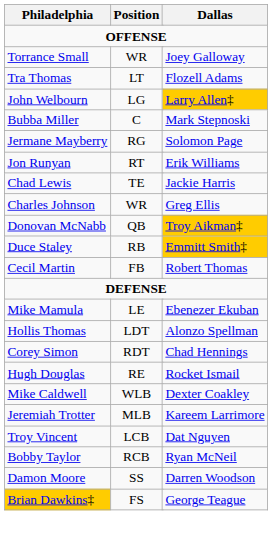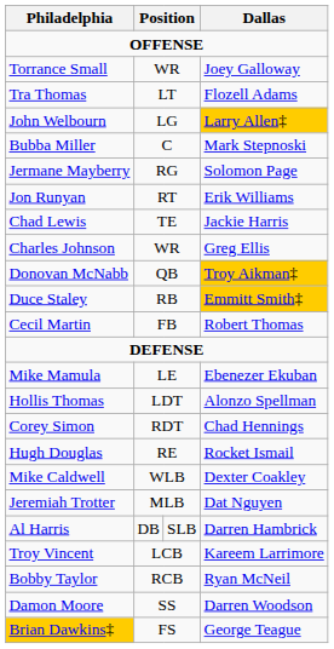 <table class="wikitable">
 <tr>
 <th>Philadelphia</th>
 <th colspan="2">Position</th>
 <th>Dallas</th>
 </tr>
 <tr>
 <td colspan="4" style="text-align:center;"><strong>OFFENSE</strong></td>
 </tr>
 <tr>
 <td><a href='#'>Torrance Small</a></td>
 <td colspan="2" style="text-align:center;">WR</td>
 <td><a href='#'>Joey Galloway</a></td>
 </tr>
 <tr>
 <td><a href='#'>Tra Thomas</a></td>
 <td colspan="2" style="text-align:center;">LT</td>
 <td><a href='#'>Flozell Adams</a></td>
 </tr>
 <tr>
 <td><a href='#'>John Welbourn</a></td>
 <td colspan="2" style="text-align:center;">LG</td>
 <td bgcolor="#FFCC00"><a href='#'>Larry Allen</a>‡</td>
 </tr>
 <tr>
 <td><a href='#'>Bubba Miller</a></td>
 <td colspan="2" style="text-align:center;">C</td>
 <td><a href='#'>Mark Stepnoski</a></td>
 </tr>
 <tr>
 <td><a href='#'>Jermane Mayberry</a></td>
 <td colspan="2" style="text-align:center;">RG</td>
 <td><a href='#'>Solomon Page</a></td>
 </tr>
 <tr>
 <td><a href='#'>Jon Runyan</a></td>
 <td colspan="2" style="text-align:center;">RT</td>
 <td><a href='#'>Erik Williams</a></td>
 </tr>
 <tr>
 <td><a href='#'>Chad Lewis</a></td>
 <td colspan="2" style="text-align:center;">TE</td>
 <td><a href='#'>Jackie Harris</a></td>
 </tr>
 <tr>
 <td><a href='#'>Charles Johnson</a></td>
 <td colspan="2" style="text-align:center;">WR</td>
 <td><a href='#'>Greg Ellis</a></td>
 </tr>
 <tr>
 <td><a href='#'>Donovan McNabb</a></td>
 <td colspan="2" style="text-align:center;">QB</td>
 <td bgcolor="#FFCC00"><a href='#'>Troy Aikman</a>‡</td>
 </tr>
 <tr>
 <td><a href='#'>Duce Staley</a></td>
 <td colspan="2" style="text-align:center;">RB</td>
 <td bgcolor="#FFCC00"><a href='#'>Emmitt Smith</a>‡</td>
 </tr>
 <tr>
 <td><a href='#'>Cecil Martin</a></td>
 <td colspan="2" style="text-align:center;">FB</td>
 <td><a href='#'>Robert Thomas</a></td>
 </tr>
 <tr>
 <td colspan="4" style="text-align:center;"><strong>DEFENSE</strong></td>
 </tr>
 <tr>
 <td><a href='#'>Mike Mamula</a></td>
 <td colspan="2" style="text-align:center;">LE</td>
 <td><a href='#'>Ebenezer Ekuban</a></td>
 </tr>
 <tr>
 <td><a href='#'>Hollis Thomas</a></td>
 <td colspan="2" style="text-align:center;">LDT</td>
 <td><a href='#'>Alonzo Spellman</a></td>
 </tr>
 <tr>
 <td><a href='#'>Corey Simon</a></td>
 <td colspan="2" style="text-align:center;">RDT</td>
 <td><a href='#'>Chad Hennings</a></td>
 </tr>
 <tr>
 <td><a href='#'>Hugh Douglas</a></td>
 <td colspan="2" style="text-align:center;">RE</td>
 <td><a href='#'>Rocket Ismail</a></td>
 </tr>
 <tr>
 <td><a href='#'>Mike Caldwell</a></td>
 <td colspan="2" style="text-align:center;">WLB</td>
 <td><a href='#'>Dexter Coakley</a></td>
 </tr>
 <tr>
 <td><a href='#'>Jeremiah Trotter</a></td>
 <td colspan="2" style="text-align:center;">MLB</td>
-<td><a href='#'>Kareem Larrimore</a></td>
+<td><a href='#'>Dat Nguyen</a></td>
+</tr>
+<tr>
+<td><a href='#'>Al Harris</a></td>
+<td style="text-align:center;">DB</td>
+<td style="text-align:center;">SLB</td>
+<td><a href='#'>Darren Hambrick</a></td>
 </tr>
 <tr>
 <td><a href='#'>Troy Vincent</a></td>
 <td colspan="2" style="text-align:center;">LCB</td>
-<td><a href='#'>Dat Nguyen</a></td>
+<td><a href='#'>Kareem Larrimore</a></td>
 </tr>
 <tr>
 <td><a href='#'>Bobby Taylor</a></td>
 <td colspan="2" style="text-align:center;">RCB</td>
 <td><a href='#'>Ryan McNeil</a></td>
 </tr>
 <tr>
 <td><a href='#'>Damon Moore</a></td>
 <td colspan="2" style="text-align:center;">SS</td>
 <td><a href='#'>Darren Woodson</a></td>
 </tr>
 <tr>
 <td bgcolor="#FFCC00"><a href='#'>Brian Dawkins</a>‡</td>
 <td colspan="2" style="text-align:center;">FS</td>
 <td><a href='#'>George Teague</a></td>
 </tr>
 </table>
